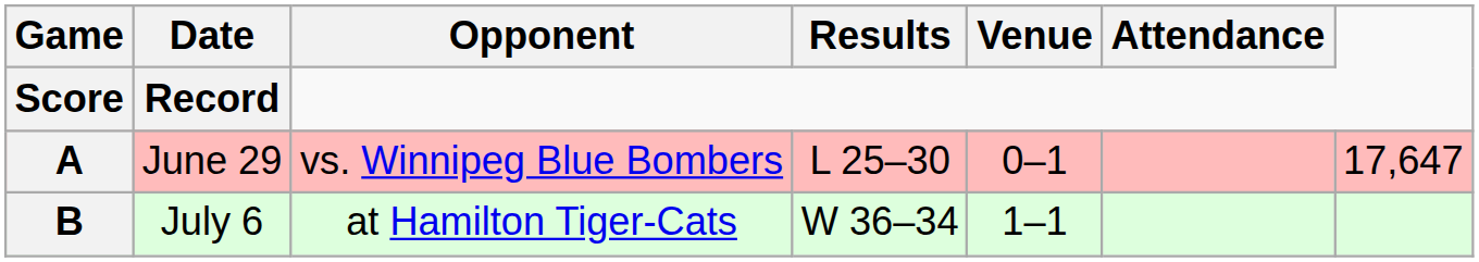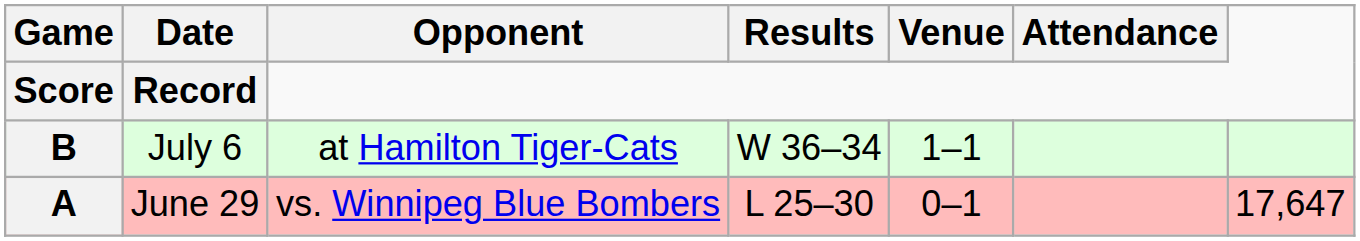 <table class="wikitable" style="text-align:center">
 <tr>
 <th>Game</th>
 <th>Date</th>
 <th>Opponent</th>
 <th>Results</th>
 <th>Venue</th>
 <th>Attendance</th>
 </tr>
 <tr>
 <th>Score</th>
 <th>Record</th>
 </tr>
+<tr style="background:#ddffdd">
+<th>B</th>
+<td>July 6</td>
+<td>at <a href='#'>Hamilton Tiger-Cats</a></td>
+<td>W 36–34</td>
+<td>1–1</td>
+<td></td>
+<td></td>
+</tr>
 <tr style="background:#ffbbbb">
 <th>A</th>
 <td>June 29</td>
 <td>vs. <a href='#'>Winnipeg Blue Bombers</a></td>
 <td>L 25–30</td>
 <td>0–1</td>
 <td></td>
 <td>17,647</td>
 </tr>
-<tr style="background:#ddffdd">
-<th>B</th>
-<td>July 6</td>
-<td>at <a href='#'>Hamilton Tiger-Cats</a></td>
-<td>W 36–34</td>
-<td>1–1</td>
-<td></td>
-<td></td>
-</tr>
 </table>
